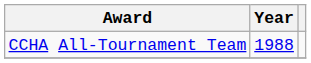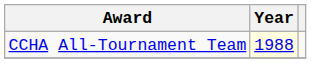 <table class="wikitable">
 <tr>
 <th>Award</th>
 <th>Year</th>
 <th></th>
 </tr>
 <tr>
 <td><a href='#'>CCHA</a> <a href='#'>All-Tournament Team</a></td>
-<td><a href='#'>1988</a></td>
+<td style="background: lightyellow;"><a href='#'>1988</a></td>
 <td></td>
 </tr>
 <tr>
 </tr>
 </table>
